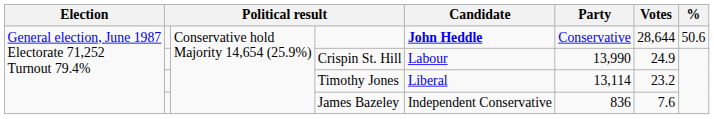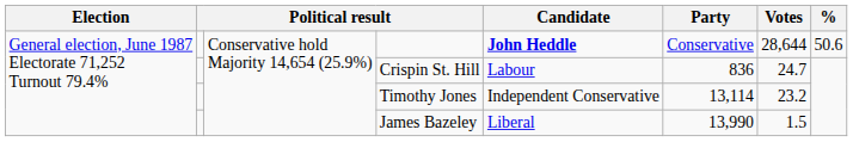 <table class=wikitable>
 <tr>
 <th>Election</th>
 <th align="center" valign="top" colspan="3">Political result</th>
 <th align="center" valign="top">Candidate</th>
 <th align="center" valign="top">Party</th>
 <th align="center" valign="top">Votes</th>
 <th align="center" valign="top">%</th>
 </tr>
 <tr>
 <td valign="top" rowspan="4"><a href='#'>General election, June 1987</a><span><br> Electorate 71,252<br>Turnout 79.4%</span></td>
 <td style="background-color: "></td>
 <td align="left" valign="top" rowspan="4">Conservative hold<br>Majority 14,654 (25.9%)</td>
 <td style="background-color: "></td>
 <td align="left"><strong><a href='#'>John Heddle</a></strong></td>
 <td align="left"><a href='#'>Conservative</a></td>
 <td align="right">28,644</td>
 <td align="right">50.6</td>
 </tr>
 <tr>
 <td style="background-color: "></td>
 <td align="left">Crispin St. Hill</td>
 <td align="left"><a href='#'>Labour</a></td>
-<td align="right">13,990</td>
-<td align="right">24.9</td>
+<td align="right">836</td>
+<td align="right">24.7</td>
 </tr>
 <tr>
 <td style="background-color: "></td>
 <td align="left">Timothy Jones</td>
-<td align="left"><a href='#'>Liberal</a></td>
+<td align="left">Independent Conservative</td>
 <td align="right">13,114</td>
 <td align="right">23.2</td>
 </tr>
 <tr>
 <td style="background-color: "></td>
 <td align="left">James Bazeley</td>
-<td align="left">Independent Conservative</td>
-<td align="right">836</td>
-<td align="right">7.6</td>
+<td align="left"><a href='#'>Liberal</a></td>
+<td align="right">13,990</td>
+<td align="right">1.5</td>
 </tr>
 </table>
